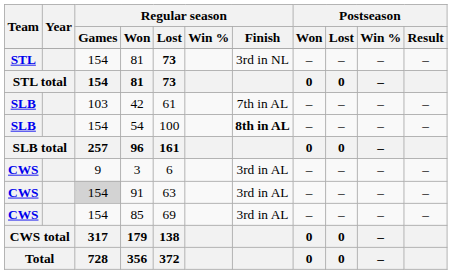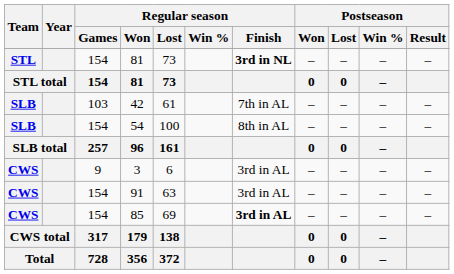 <table class="wikitable" style="font-size: 95%; text-align:center;">
 <tr>
 <th rowspan="2">Team</th>
 <th rowspan="2">Year</th>
 <th colspan="5">Regular season</th>
 <th colspan="4">Postseason</th>
 </tr>
 <tr>
 <th>Games</th>
 <th>Won</th>
 <th>Lost</th>
 <th>Win %</th>
 <th>Finish</th>
 <th>Won</th>
 <th>Lost</th>
 <th>Win %</th>
 <th>Result</th>
 </tr>
 <tr>
 </tr>
 <tr>
 <th><a href='#'>STL</a></th>
 <th></th>
 <td>154</td>
 <td>81</td>
-<td><strong>73</strong></td>
+<td>73</td>
 <td></td>
-<td>3rd in NL</td>
+<td><strong>3rd in NL</strong></td>
 <td>–</td>
 <td>–</td>
 <td>–</td>
 <td>–</td>
 </tr>
 <tr>
 <th colspan="2">STL total</th>
 <th>154</th>
 <th>81</th>
 <th>73</th>
 <th></th>
 <th></th>
 <th>0</th>
 <th>0</th>
 <th>–</th>
 <th></th>
 </tr>
 <tr>
 <th><a href='#'>SLB</a></th>
 <th></th>
 <td>103</td>
 <td>42</td>
 <td>61</td>
 <td></td>
 <td>7th in AL</td>
 <td>–</td>
 <td>–</td>
 <td>–</td>
 <td>–</td>
 </tr>
 <tr>
 <th><a href='#'>SLB</a></th>
 <th></th>
 <td>154</td>
 <td>54</td>
 <td>100</td>
 <td></td>
-<td><strong>8th in AL</strong></td>
+<td>8th in AL</td>
 <td>–</td>
 <td>–</td>
 <td>–</td>
 <td>–</td>
 </tr>
 <tr>
 <th colspan="2">SLB total</th>
 <th>257</th>
 <th>96</th>
 <th>161</th>
 <th></th>
 <th></th>
 <th>0</th>
 <th>0</th>
 <th>–</th>
 <th></th>
 </tr>
 <tr>
 <th><a href='#'>CWS</a></th>
 <th></th>
 <td>9</td>
 <td>3</td>
 <td>6</td>
 <td></td>
 <td>3rd in AL</td>
 <td>–</td>
 <td>–</td>
 <td>–</td>
 <td>–</td>
 </tr>
 <tr>
 <th><a href='#'>CWS</a></th>
 <th></th>
-<td style="background: lightgrey;">154</td>
+<td>154</td>
 <td>91</td>
 <td>63</td>
 <td></td>
 <td>3rd in AL</td>
 <td>–</td>
 <td>–</td>
 <td>–</td>
 <td>–</td>
 </tr>
 <tr>
 <th><a href='#'>CWS</a></th>
 <th></th>
 <td>154</td>
 <td>85</td>
 <td>69</td>
 <td></td>
-<td>3rd in AL</td>
+<td><strong>3rd in AL</strong></td>
 <td>–</td>
 <td>–</td>
 <td>–</td>
 <td>–</td>
 </tr>
 <tr>
 <th colspan="2">CWS total</th>
 <th>317</th>
 <th>179</th>
 <th>138</th>
 <th></th>
 <th></th>
 <th>0</th>
 <th>0</th>
 <th>–</th>
 <th></th>
 </tr>
 <tr>
 <th colspan="2">Total</th>
 <th>728</th>
 <th>356</th>
 <th>372</th>
 <th></th>
 <th></th>
 <th>0</th>
 <th>0</th>
 <th>–</th>
 <th></th>
 </tr>
 </table>
